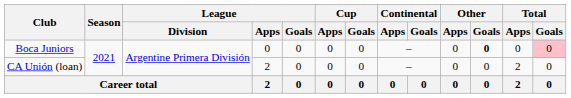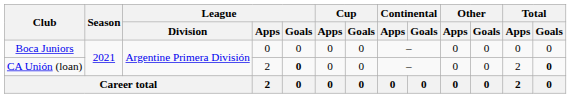 <table class="wikitable" style="text-align: center">
 <tr>
 <th rowspan="2">Club</th>
 <th rowspan="2">Season</th>
 <th colspan="3">League</th>
 <th colspan="2">Cup</th>
 <th colspan="2">Continental</th>
 <th colspan="2">Other</th>
 <th colspan="2">Total</th>
 </tr>
 <tr>
 <th>Division</th>
 <th>Apps</th>
 <th>Goals</th>
 <th>Apps</th>
 <th>Goals</th>
 <th>Apps</th>
 <th>Goals</th>
 <th>Apps</th>
 <th>Goals</th>
 <th>Apps</th>
 <th>Goals</th>
 </tr>
 <tr>
 <td><a href='#'>Boca Juniors</a></td>
 <td rowspan="2"><a href='#'>2021</a></td>
 <td rowspan="2"><a href='#'>Argentine Primera División</a></td>
 <td>0</td>
 <td>0</td>
 <td>0</td>
 <td>0</td>
 <td colspan="2">–</td>
 <td>0</td>
-<td><strong>0</strong></td>
 <td>0</td>
-<td style="background: pink;">0</td>
+<td>0</td>
+<td>0</td>
 </tr>
 <tr>
 <td><a href='#'>CA Unión</a> (loan)</td>
 <td>2</td>
-<td>0</td>
+<td><strong>0</strong></td>
 <td>0</td>
 <td>0</td>
 <td colspan="2">–</td>
 <td>0</td>
 <td>0</td>
 <td>2</td>
-<td>0</td>
+<td><strong>0</strong></td>
 </tr>
 <tr>
 <th colspan=3>Career total</th>
 <th>2</th>
 <th>0</th>
 <th>0</th>
 <th>0</th>
 <th>0</th>
 <th>0</th>
 <th>0</th>
 <th>0</th>
 <th>2</th>
 <th>0</th>
 </tr>
 </table>
